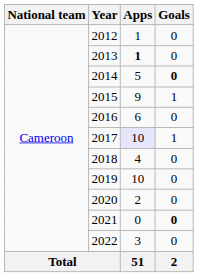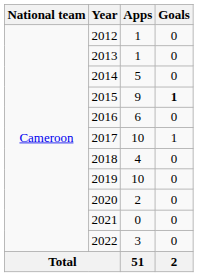 <table class="wikitable" style="text-align:center">
 <tr>
 <th>National team</th>
 <th>Year</th>
 <th>Apps</th>
 <th>Goals</th>
 </tr>
 <tr>
 <td rowspan="11"><a href='#'>Cameroon</a></td>
 <td>2012</td>
 <td>1</td>
 <td>0</td>
 </tr>
 <tr>
 <td>2013</td>
-<td><strong>1</strong></td>
+<td>1</td>
 <td>0</td>
 </tr>
 <tr>
 <td>2014</td>
 <td>5</td>
-<td><strong>0</strong></td>
+<td>0</td>
 </tr>
 <tr>
 <td>2015</td>
 <td>9</td>
-<td>1</td>
+<td><strong>1</strong></td>
 </tr>
 <tr>
 <td>2016</td>
 <td>6</td>
 <td>0</td>
 </tr>
 <tr>
 <td>2017</td>
-<td style="background: lavender;">10</td>
+<td>10</td>
 <td>1</td>
 </tr>
 <tr>
 <td>2018</td>
 <td>4</td>
 <td>0</td>
 </tr>
 <tr>
 <td>2019</td>
 <td>10</td>
 <td>0</td>
 </tr>
 <tr>
 <td>2020</td>
 <td>2</td>
 <td>0</td>
 </tr>
 <tr>
 <td>2021</td>
 <td>0</td>
-<td><strong>0</strong></td>
+<td>0</td>
 </tr>
 <tr>
 <td>2022</td>
 <td>3</td>
 <td>0</td>
 </tr>
 <tr>
 <th colspan="2">Total</th>
 <th>51</th>
 <th>2</th>
 </tr>
 </table>
